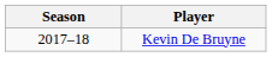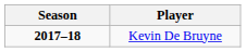 <table class="wikitable">
 <tr>
 <th style="width:120px;">Season</th>
 <th style="width:150px;">Player</th>
 </tr>
 <tr>
-<td style="text-align:center;">2017–18</td>
+<td style="text-align:center;"><strong>2017–18</strong></td>
 <td style="text-align:center;"> <a href='#'>Kevin De Bruyne</a></td>
 </tr>
 </table>
